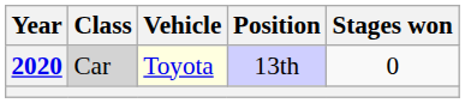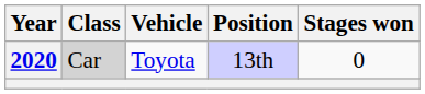 <table class="wikitable">
 <tr>
 <th>Year</th>
 <th>Class</th>
 <th>Vehicle</th>
 <th>Position</th>
 <th>Stages won</th>
 </tr>
 <tr>
 <th><a href='#'>2020</a></th>
 <td style="background: lightgrey;">Car</td>
-<td style="background: lightyellow;"> <a href='#'>Toyota</a></td>
+<td> <a href='#'>Toyota</a></td>
 <td align="center" style="background:#CFCFFF;">13th</td>
 <td align="center">0</td>
 </tr>
 <tr>
 <th colspan="5"></th>
 </tr>
 </table>
